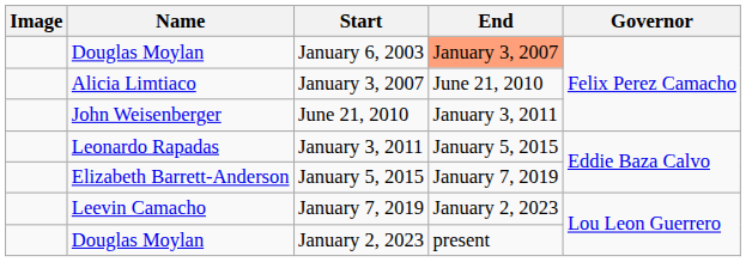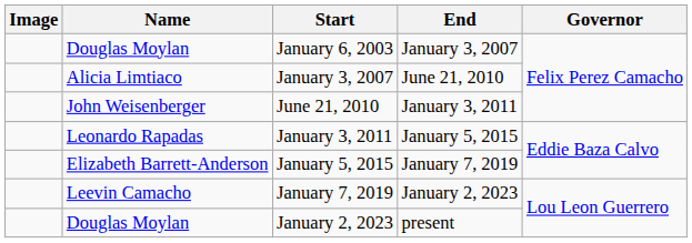 <table class="wikitable sortable">
 <tr>
 <th>Image</th>
 <th>Name</th>
 <th>Start</th>
 <th>End</th>
 <th>Governor</th>
 </tr>
 <tr>
 <td></td>
 <td><a href='#'>Douglas Moylan</a></td>
 <td>January 6, 2003</td>
-<td style="background: lightsalmon;">January 3, 2007</td>
+<td>January 3, 2007</td>
 <td rowspan=3><a href='#'>Felix Perez Camacho</a></td>
 </tr>
 <tr>
 <td></td>
 <td><a href='#'>Alicia Limtiaco</a></td>
 <td>January 3, 2007</td>
 <td>June 21, 2010</td>
 </tr>
 <tr>
 <td></td>
 <td><a href='#'>John Weisenberger</a></td>
 <td>June 21, 2010</td>
 <td>January 3, 2011</td>
 </tr>
 <tr>
 <td></td>
 <td><a href='#'>Leonardo Rapadas</a></td>
 <td>January 3, 2011</td>
 <td>January 5, 2015</td>
 <td rowspan=2><a href='#'>Eddie Baza Calvo</a></td>
 </tr>
 <tr>
 <td></td>
 <td><a href='#'>Elizabeth Barrett-Anderson</a></td>
 <td>January 5, 2015</td>
 <td>January 7, 2019</td>
 </tr>
 <tr>
 <td></td>
 <td><a href='#'>Leevin Camacho</a></td>
 <td>January 7, 2019</td>
 <td>January 2, 2023</td>
 <td rowspan=2><a href='#'>Lou Leon Guerrero</a></td>
 </tr>
 <tr>
 <td></td>
 <td><a href='#'>Douglas Moylan</a></td>
 <td>January 2, 2023</td>
 <td>present</td>
 </tr>
 </table>
